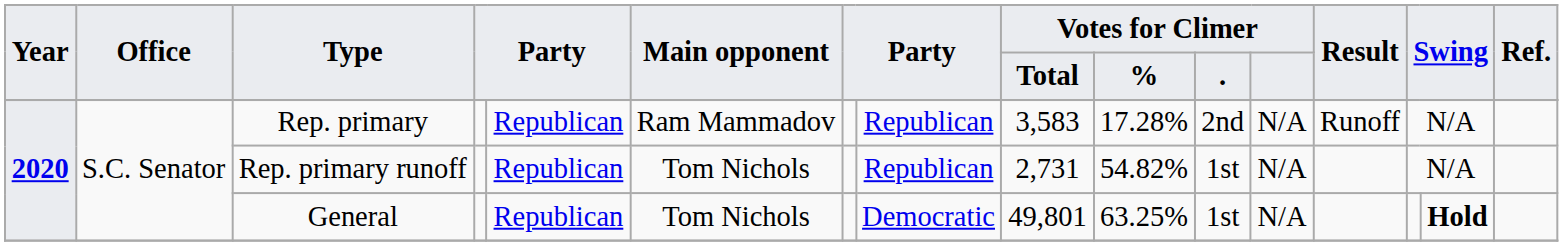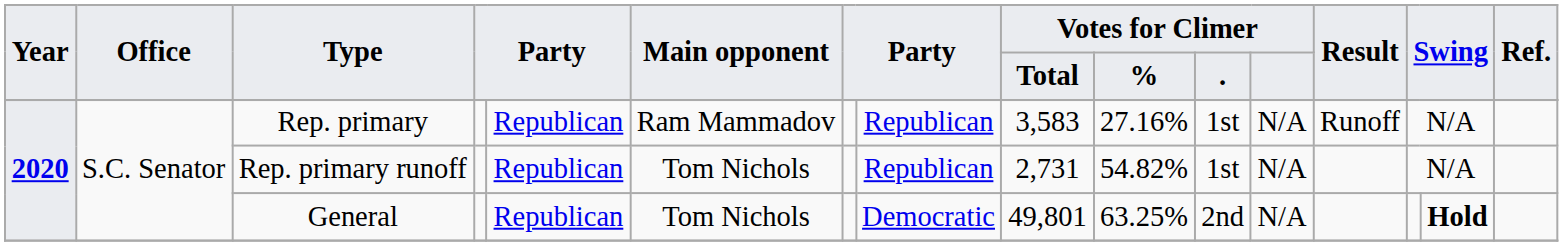 <table class="wikitable" style="font-size: 90%; text-align:center;">
 <tr>
 <th style="background-color:#EAECF0;" rowspan=2>Year</th>
 <th style="background-color:#EAECF0;" rowspan=2>Office</th>
 <th style="background-color:#EAECF0;" rowspan=2>Type</th>
 <th style="background-color:#EAECF0;" colspan=2 rowspan=2>Party</th>
 <th style="background-color:#EAECF0;" rowspan=2>Main opponent</th>
 <th style="background-color:#EAECF0;" colspan=2 rowspan=2>Party</th>
 <th style="background-color:#EAECF0;" colspan=4>Votes for Climer</th>
 <th style="background-color:#EAECF0;" rowspan=2>Result</th>
 <th style="background-color:#EAECF0;" colspan=2 rowspan=2><a href='#'>Swing</a></th>
 <th style="background-color:#EAECF0;" colspan=2 rowspan=2>Ref.</th>
 </tr>
 <tr>
 <th style="background-color:#EAECF0;">Total</th>
 <th style="background-color:#EAECF0;">%</th>
 <th style="background-color:#EAECF0;">.</th>
 <th style="background-color:#EAECF0;"></th>
 </tr>
 <tr>
 </tr>
 <tr>
 <th rowspan=3 style="background-color:#EAECF0;"><a href='#'>2020</a></th>
 <td rowspan=3>S.C. Senator</td>
 <td>Rep. primary</td>
 <td style="background-color:"></td>
 <td><a href='#'>Republican</a></td>
 <td>Ram Mammadov</td>
 <td style="background-color:"></td>
 <td><a href='#'>Republican</a></td>
 <td>3,583</td>
-<td>17.28%</td>
-<td>2nd</td>
+<td>27.16%</td>
+<td>1st</td>
 <td>N/A</td>
 <td>Runoff</td>
 <td colspan=2>N/A</td>
 <td></td>
 </tr>
 <tr>
 <td>Rep. primary runoff</td>
 <td style="background-color:"></td>
 <td><a href='#'>Republican</a></td>
 <td>Tom Nichols</td>
 <td style="background-color:"></td>
 <td><a href='#'>Republican</a></td>
 <td>2,731</td>
 <td>54.82%</td>
 <td>1st</td>
 <td>N/A</td>
 <td></td>
 <td colspan=2>N/A</td>
 <td></td>
 </tr>
 <tr>
 <td>General</td>
 <td style="background-color:"></td>
 <td><a href='#'>Republican</a></td>
 <td>Tom Nichols</td>
 <td style="background-color:"></td>
 <td><a href='#'>Democratic</a></td>
 <td>49,801</td>
 <td>63.25%</td>
-<td>1st</td>
+<td>2nd</td>
 <td>N/A</td>
 <td></td>
 <td style="background-color:"></td>
 <td><strong>Hold</strong></td>
 <td></td>
 </tr>
 <tr>
 </tr>
 </table>
